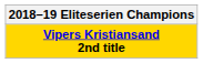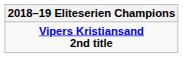 <table class=wikitable style="text-align:center; margin:auto">
 <tr>
 <th>2018–19 Eliteserien Champions</th>
 </tr>
 <tr>
-<td style="background: gold;"><strong><a href='#'>Vipers Kristiansand</a></strong><br><strong>2nd title</strong></td>
+<td><strong><a href='#'>Vipers Kristiansand</a></strong><br><strong>2nd title</strong></td>
 </tr>
 </table>
